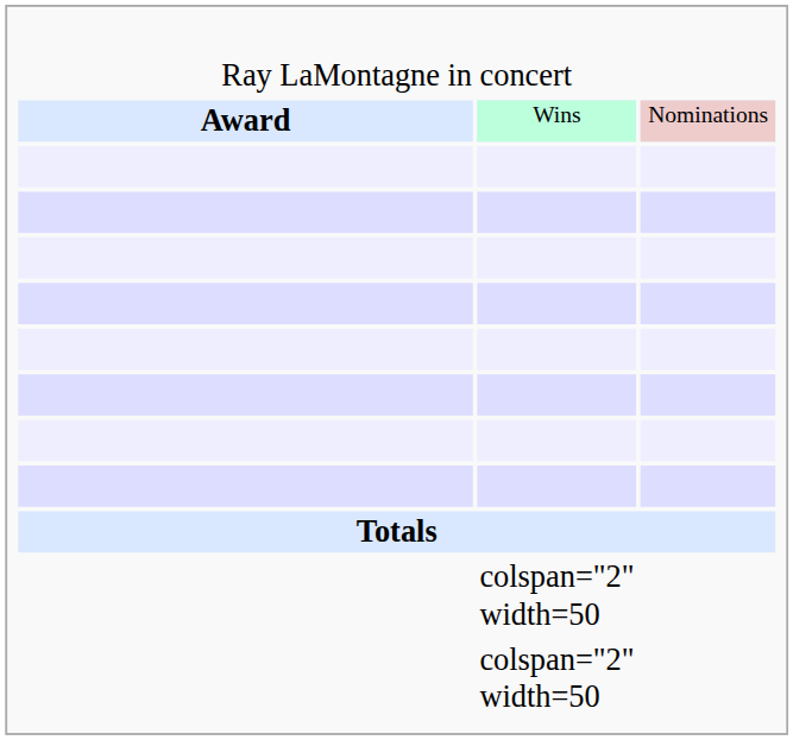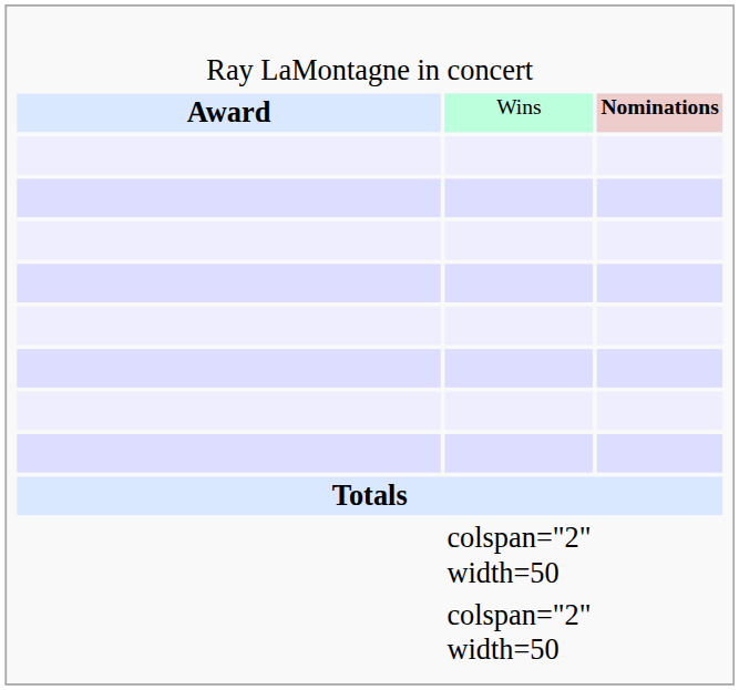 <table class="infobox" style="width: 25em; text-align: left; font-size: 90%; vertical-align: middle;">
 <tr>
 <td colspan="3" style="text-align:center;"><br>Ray LaMontagne in concert</td>
 </tr>
 <tr bgcolor=#D9E8FF style="text-align:center;">
 <th style="vertical-align: middle;">Award</th>
 <td style="background:#BFD; font-size:8pt;" width="60px">Wins</td>
-<td style="background:#eecccc; font-size:8pt;" width="60px">Nominations</td>
+<td style="background:#eecccc; font-size:8pt;" width="60px"><strong>Nominations</strong></td>
 </tr>
 <tr bgcolor=#eeeeff>
 <td align="center"><br></td>
 <td></td>
 <td></td>
 </tr>
 <tr bgcolor=#ddddff>
 <td align="center"><br></td>
 <td></td>
 <td></td>
 </tr>
 <tr bgcolor=#eeeeff>
 <td align="center"><br></td>
 <td></td>
 <td></td>
 </tr>
 <tr bgcolor=#ddddff>
 <td align="center"><br></td>
 <td></td>
 <td></td>
 </tr>
 <tr bgcolor=#eeeeff>
 <td align="center"><br></td>
 <td></td>
 <td></td>
 </tr>
 <tr bgcolor=#ddddff>
 <td align="center"><br></td>
 <td></td>
 <td></td>
 </tr>
 <tr bgcolor=#eeeeff>
 <td align="center"><br></td>
 <td></td>
 <td></td>
 </tr>
 <tr bgcolor=#ddddff>
 <td align="center"><br></td>
 <td></td>
 <td></td>
 </tr>
 <tr bgcolor=#D9E8FF>
 <td colspan="3" style="text-align:center;"><strong>Totals</strong></td>
 </tr>
 <tr>
 <td></td>
 <td>colspan="2" width=50 </td>
 </tr>
 <tr>
 <td></td>
 <td>colspan="2" width=50 </td>
 </tr>
 <tr>
 </tr>
 </table>
